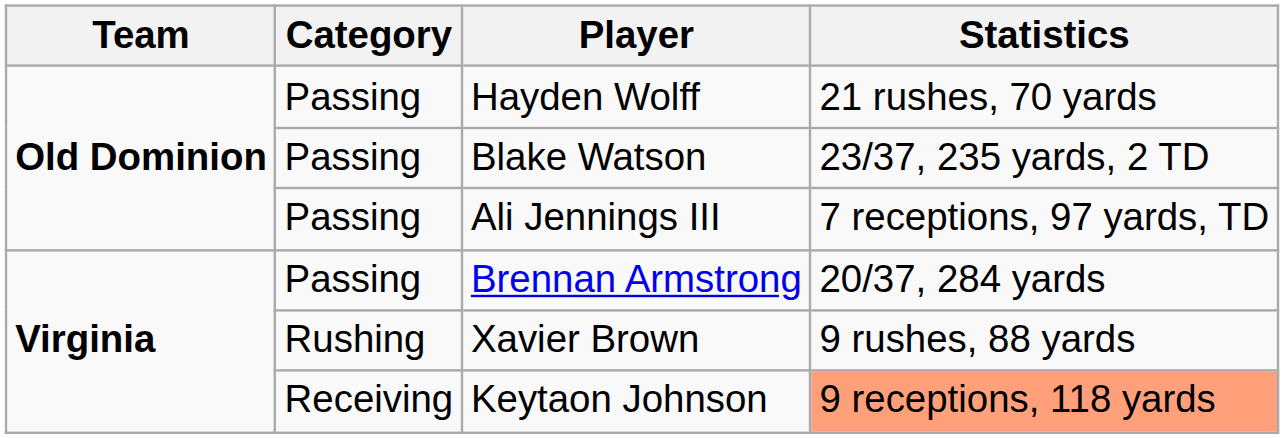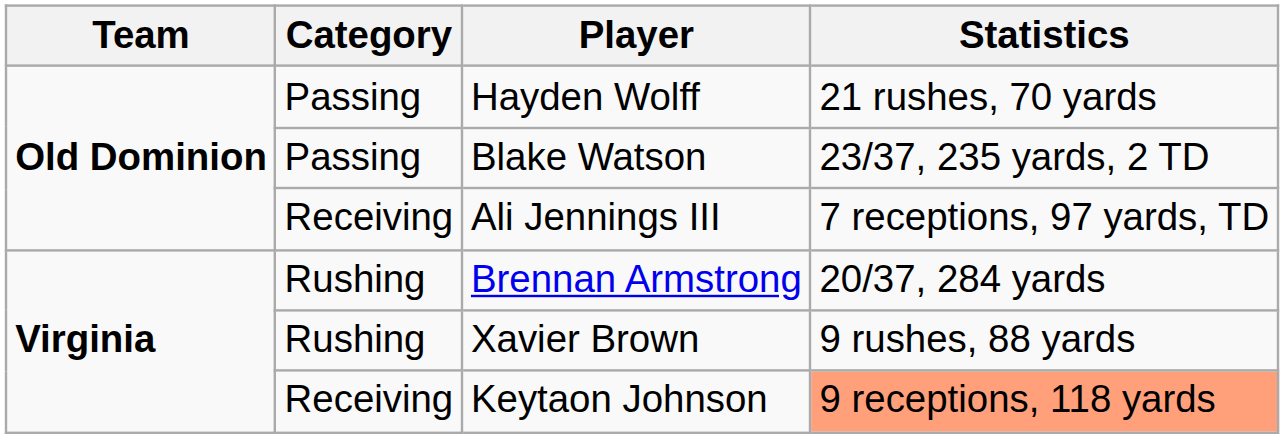 <table class="wikitable" style="float: right;">
 <tr>
 <th>Team</th>
 <th>Category</th>
 <th>Player</th>
 <th>Statistics</th>
 </tr>
 <tr>
 <td rowspan=3><strong>Old Dominion</strong></td>
 <td>Passing</td>
 <td>Hayden Wolff</td>
 <td>21 rushes, 70 yards</td>
 </tr>
 <tr>
 <td>Passing</td>
 <td>Blake Watson</td>
 <td>23/37, 235 yards, 2 TD</td>
 </tr>
 <tr>
-<td>Passing</td>
+<td>Receiving</td>
 <td>Ali Jennings III</td>
 <td>7 receptions, 97 yards, TD</td>
 </tr>
 <tr>
 <td rowspan=3><strong>Virginia</strong></td>
-<td>Passing</td>
+<td>Rushing</td>
 <td><a href='#'>Brennan Armstrong</a></td>
 <td>20/37, 284 yards</td>
 </tr>
 <tr>
 <td>Rushing</td>
 <td>Xavier Brown</td>
 <td>9 rushes, 88 yards</td>
 </tr>
 <tr>
 <td>Receiving</td>
 <td>Keytaon Johnson</td>
 <td style="background: lightsalmon;">9 receptions, 118 yards</td>
 </tr>
 </table>
